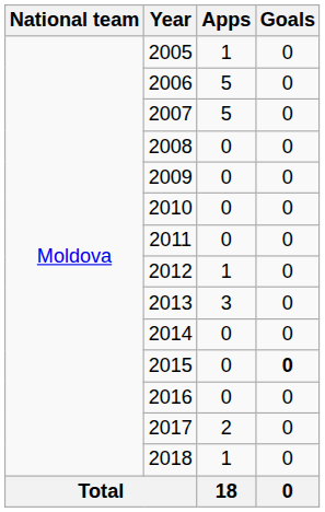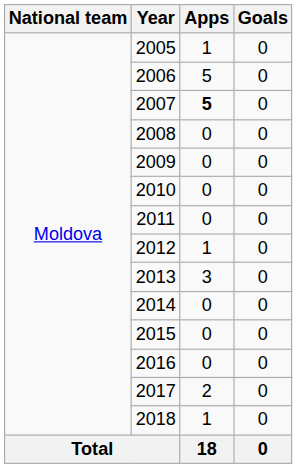 <table class="wikitable" style="text-align:center">
 <tr>
 <th>National team</th>
 <th>Year</th>
 <th>Apps</th>
 <th>Goals</th>
 </tr>
 <tr>
 <td rowspan="14"><a href='#'>Moldova</a></td>
 <td>2005</td>
 <td>1</td>
 <td>0</td>
 </tr>
 <tr>
 <td>2006</td>
 <td>5</td>
 <td>0</td>
 </tr>
 <tr>
 <td>2007</td>
-<td>5</td>
+<td><strong>5</strong></td>
 <td>0</td>
 </tr>
 <tr>
 <td>2008</td>
 <td>0</td>
 <td>0</td>
 </tr>
 <tr>
 <td>2009</td>
 <td>0</td>
 <td>0</td>
 </tr>
 <tr>
 <td>2010</td>
 <td>0</td>
 <td>0</td>
 </tr>
 <tr>
 <td>2011</td>
 <td>0</td>
 <td>0</td>
 </tr>
 <tr>
 <td>2012</td>
 <td>1</td>
 <td>0</td>
 </tr>
 <tr>
 <td>2013</td>
 <td>3</td>
 <td>0</td>
 </tr>
 <tr>
 <td>2014</td>
 <td>0</td>
 <td>0</td>
 </tr>
 <tr>
 <td>2015</td>
 <td>0</td>
-<td><strong>0</strong></td>
+<td>0</td>
 </tr>
 <tr>
 <td>2016</td>
 <td>0</td>
 <td>0</td>
 </tr>
 <tr>
 <td>2017</td>
 <td>2</td>
 <td>0</td>
 </tr>
 <tr>
 <td>2018</td>
 <td>1</td>
 <td>0</td>
 </tr>
 <tr>
 <th colspan="2">Total</th>
 <th>18</th>
 <th>0</th>
 </tr>
 </table>
